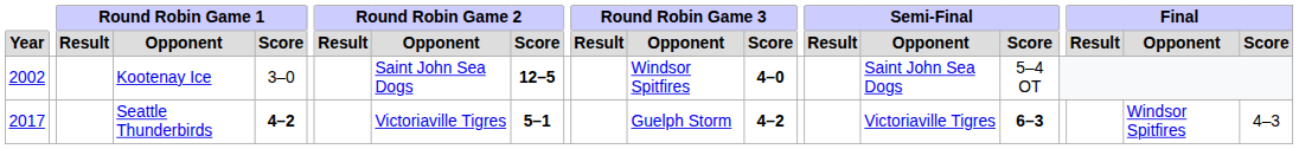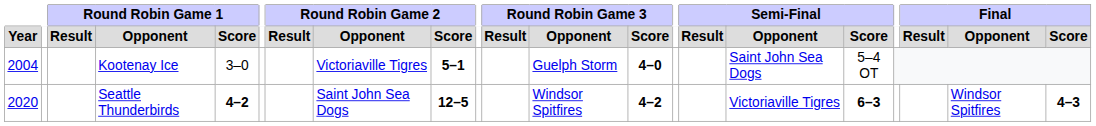 <table border="1" cellpadding="3" cellspacing="1" bgcolor="#ffffff" cellpadding="5" style="border: 1px #aaaaaa solid; border-collapse: collapse;">
 <tr align="center" bgcolor="#fff">
 <th colspan="2" style="border-top: 1px solid #FFF; border-left: 1px solid #FFF;"></th>
 <th bgcolor="#ccf" colspan="3">Round Robin Game 1</th>
 <th style="border-top: 1px solid #FFF;"></th>
 <th bgcolor="#ccf" colspan="3">Round Robin Game 2</th>
 <th style="border-top: 1px solid #FFF;"></th>
 <th bgcolor="#ccf" colspan="3">Round Robin Game 3</th>
 <th style="border-top: 1px solid #FFF;"></th>
 <th bgcolor="#ccf" colspan="3">Semi-Final</th>
 <th style="border-top: 1px solid #FFF;"></th>
 <th bgcolor="#ccf" colspan="3">Final</th>
 </tr>
 <tr align="center" bgcolor="#ddd">
 <th>Year</th>
 <th style="border-top: 1px solid #FFF; " bgcolor="#fff"></th>
 <th>Result</th>
 <th>Opponent</th>
 <th>Score</th>
 <th style="border-top: 1px solid #FFF; " bgcolor="#fff"></th>
 <th>Result</th>
 <th>Opponent</th>
 <th>Score</th>
 <th style="border-top: 1px solid #FFF; " bgcolor="#fff"></th>
 <th>Result</th>
 <th>Opponent</th>
 <th>Score</th>
 <th style="border-top: 1px solid #FFF; " bgcolor="#fff"></th>
 <th>Result</th>
 <th>Opponent</th>
 <th>Score</th>
 <th style="border-top: 1px solid #FFF; " bgcolor="#fff"></th>
 <th>Result</th>
 <th>Opponent</th>
 <th>Score</th>
 </tr>
 <tr align="center">
-<td><a href='#'>2002</a></td>
+<td><a href='#'>2004</a></td>
 <td></td>
 <td></td>
 <td align="left"><a href='#'>Kootenay Ice</a></td>
 <td>3–0</td>
 <td></td>
 <td></td>
-<td align="left"><a href='#'>Saint John Sea Dogs</a></td>
-<td><strong>12–5</strong></td>
+<td align="left"><a href='#'>Victoriaville Tigres</a></td>
+<td><strong>5–1</strong></td>
 <td></td>
 <td></td>
-<td align="left"><a href='#'>Windsor Spitfires</a></td>
+<td align="left"><a href='#'>Guelph Storm</a></td>
 <td><strong>4–0</strong></td>
 <td></td>
 <td></td>
 <td align="left"><a href='#'>Saint John Sea Dogs</a></td>
 <td>5–4 OT</td>
 <td bgcolor="#f8f9fa" colspan="4"></td>
 </tr>
 <tr align="center">
-<td><a href='#'>2017</a></td>
+<td><a href='#'>2020</a></td>
 <td></td>
 <td></td>
 <td align="left"><a href='#'>Seattle Thunderbirds</a></td>
 <td><strong>4–2</strong></td>
 <td></td>
 <td></td>
-<td align="left"><a href='#'>Victoriaville Tigres</a></td>
-<td><strong>5–1</strong></td>
+<td align="left"><a href='#'>Saint John Sea Dogs</a></td>
+<td><strong>12–5</strong></td>
 <td></td>
 <td></td>
-<td align="left"><a href='#'>Guelph Storm</a></td>
+<td align="left"><a href='#'>Windsor Spitfires</a></td>
 <td><strong>4–2</strong></td>
 <td></td>
 <td></td>
 <td align="left"><a href='#'>Victoriaville Tigres</a></td>
 <td><strong>6–3</strong></td>
 <td></td>
 <td></td>
 <td align="left"><a href='#'>Windsor Spitfires</a></td>
-<td>4–3</td>
+<td><strong>4–3</strong></td>
 </tr>
 </table>
